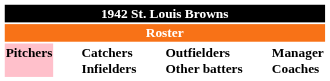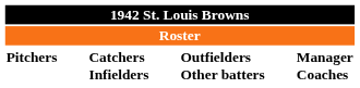 <table class="toccolours" style="font-size: 95%;">
 <tr>
 <th colspan="10" style="background-color: black; color: white; text-align: center;">1942 St. Louis Browns</th>
 </tr>
 <tr>
 <td colspan="10" style="background-color: #F87217; color: white; text-align: center;"><strong>Roster</strong></td>
 </tr>
 <tr>
-<td valign="top" style="background: pink;"><strong>Pitchers</strong><br>               </td>
+<td valign="top"><strong>Pitchers</strong><br>               </td>
 <td width="25px"></td>
 <td valign="top"><strong>Catchers</strong><br>    <strong>Infielders</strong>       </td>
 <td width="25px"></td>
 <td valign="top"><strong>Outfielders</strong><br>      <strong>Other batters</strong>  </td>
 <td width="25px"></td>
 <td valign="top"><strong>Manager</strong><br> <strong>Coaches</strong>  </td>
 </tr>
 <tr>
 </tr>
 </table>
